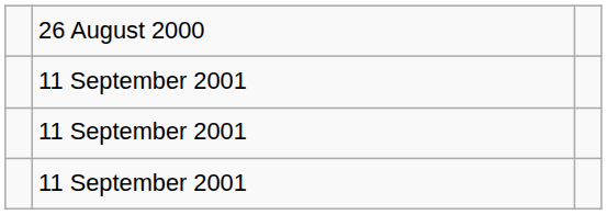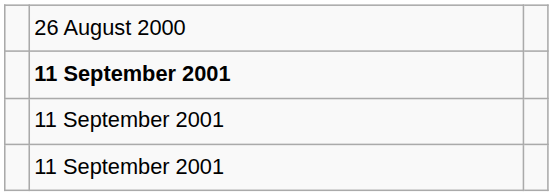 <table class="wikitable" style="font-size: 89%; float: left; width: 25em; margin-right: 1em; line-height: 1.65em !important; height: 55px;">
 <tr>
 <td></td>
 <td>26 August 2000</td>
 <td></td>
 </tr>
 <tr>
 <td></td>
-<td>11 September 2001</td>
+<td><strong>11 September 2001</strong></td>
 <td></td>
 </tr>
 <tr>
 <td></td>
 <td>11 September 2001</td>
 <td></td>
 </tr>
 <tr>
 <td></td>
 <td>11 September 2001</td>
 <td></td>
 </tr>
 </table>
